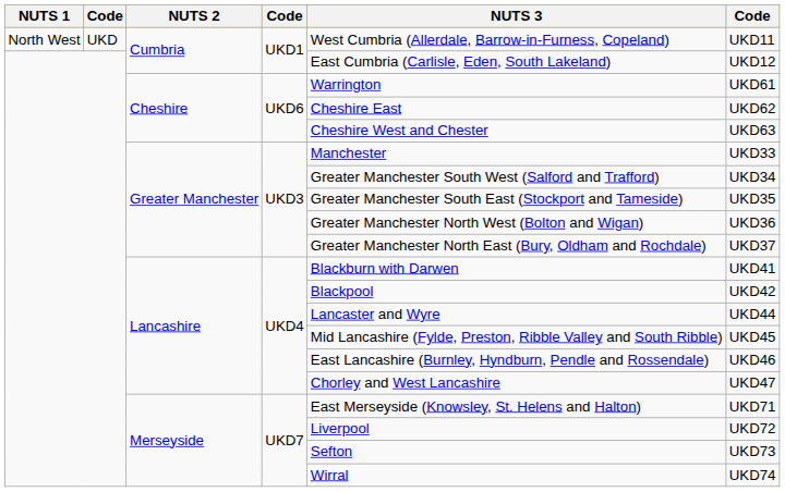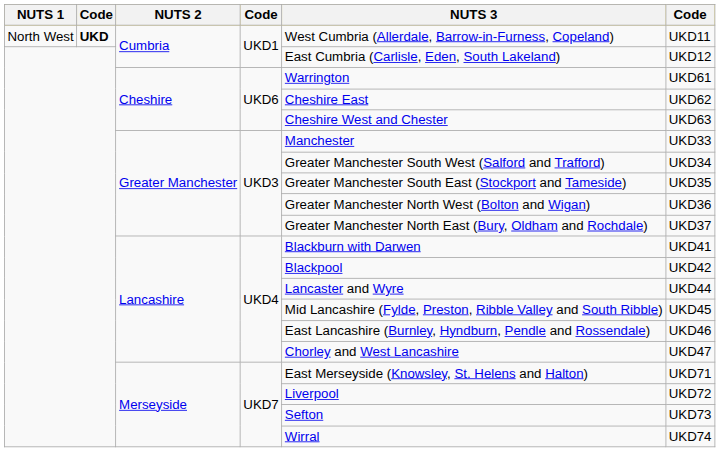 <table class="wikitable">
 <tr style="background:gold; text-align:left;">
 <th>NUTS 1</th>
 <th>Code</th>
 <th>NUTS 2</th>
 <th>Code</th>
 <th>NUTS 3</th>
 <th>Code</th>
 </tr>
 <tr>
 <td>North West</td>
-<td>UKD</td>
+<td><strong>UKD</strong></td>
 <td rowspan=2><a href='#'>Cumbria</a></td>
 <td rowspan=2>UKD1</td>
 <td>West Cumbria (<a href='#'>Allerdale</a>, <a href='#'>Barrow-in-Furness</a>, <a href='#'>Copeland</a>)</td>
 <td>UKD11</td>
 </tr>
 <tr>
 <td rowspan=19 colspan=2 align="center"></td>
 <td>East Cumbria (<a href='#'>Carlisle</a>, <a href='#'>Eden</a>, <a href='#'>South Lakeland</a>)</td>
 <td>UKD12</td>
 </tr>
 <tr>
 <td rowspan=3><a href='#'>Cheshire</a></td>
 <td rowspan=3>UKD6</td>
 <td><a href='#'>Warrington</a></td>
 <td>UKD61</td>
 </tr>
 <tr>
 <td><a href='#'>Cheshire East</a></td>
 <td>UKD62</td>
 </tr>
 <tr>
 <td><a href='#'>Cheshire West and Chester</a></td>
 <td>UKD63</td>
 </tr>
 <tr>
 <td rowspan=5><a href='#'>Greater Manchester</a></td>
 <td rowspan=5>UKD3</td>
 <td><a href='#'>Manchester</a></td>
 <td>UKD33</td>
 </tr>
 <tr>
 <td>Greater Manchester South West (<a href='#'>Salford</a> and <a href='#'>Trafford</a>)</td>
 <td>UKD34</td>
 </tr>
 <tr>
 <td>Greater Manchester South East (<a href='#'>Stockport</a> and <a href='#'>Tameside</a>)</td>
 <td>UKD35</td>
 </tr>
 <tr>
 <td>Greater Manchester North West (<a href='#'>Bolton</a> and <a href='#'>Wigan</a>)</td>
 <td>UKD36</td>
 </tr>
 <tr>
 <td>Greater Manchester North East (<a href='#'>Bury</a>, <a href='#'>Oldham</a> and <a href='#'>Rochdale</a>)</td>
 <td>UKD37</td>
 </tr>
 <tr>
 <td rowspan=6><a href='#'>Lancashire</a></td>
 <td rowspan=6>UKD4</td>
 <td><a href='#'>Blackburn with Darwen</a></td>
 <td>UKD41</td>
 </tr>
 <tr>
 <td><a href='#'>Blackpool</a></td>
 <td>UKD42</td>
 </tr>
 <tr>
 <td><a href='#'>Lancaster</a> and <a href='#'>Wyre</a></td>
 <td>UKD44</td>
 </tr>
 <tr>
 <td>Mid Lancashire (<a href='#'>Fylde</a>, <a href='#'>Preston</a>, <a href='#'>Ribble Valley</a> and <a href='#'>South Ribble</a>)</td>
 <td>UKD45</td>
 </tr>
 <tr>
 <td>East Lancashire (<a href='#'>Burnley</a>, <a href='#'>Hyndburn</a>, <a href='#'>Pendle</a> and <a href='#'>Rossendale</a>)</td>
 <td>UKD46</td>
 </tr>
 <tr>
 <td><a href='#'>Chorley</a> and <a href='#'>West Lancashire</a></td>
 <td>UKD47</td>
 </tr>
 <tr>
 <td rowspan=4><a href='#'>Merseyside</a></td>
 <td rowspan=4>UKD7</td>
 <td>East Merseyside (<a href='#'>Knowsley</a>, <a href='#'>St. Helens</a> and <a href='#'>Halton</a>)</td>
 <td>UKD71</td>
 </tr>
 <tr>
 <td><a href='#'>Liverpool</a></td>
 <td>UKD72</td>
 </tr>
 <tr>
 <td><a href='#'>Sefton</a></td>
 <td>UKD73</td>
 </tr>
 <tr>
 <td><a href='#'>Wirral</a></td>
 <td>UKD74</td>
 </tr>
 </table>
